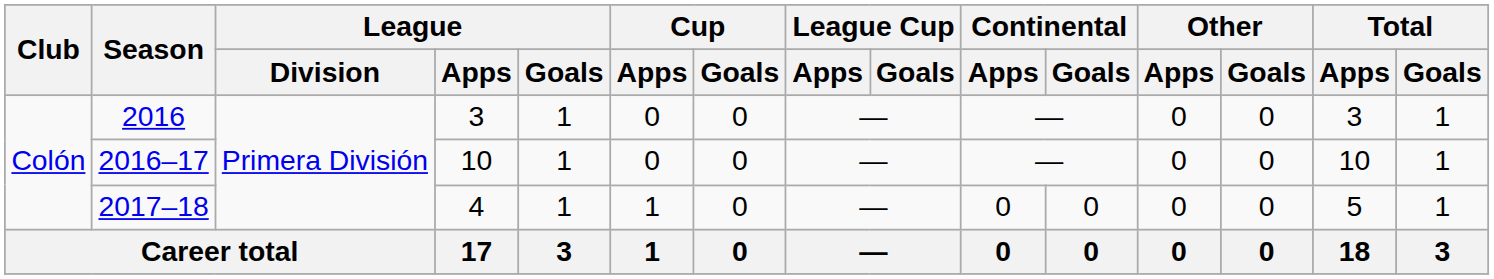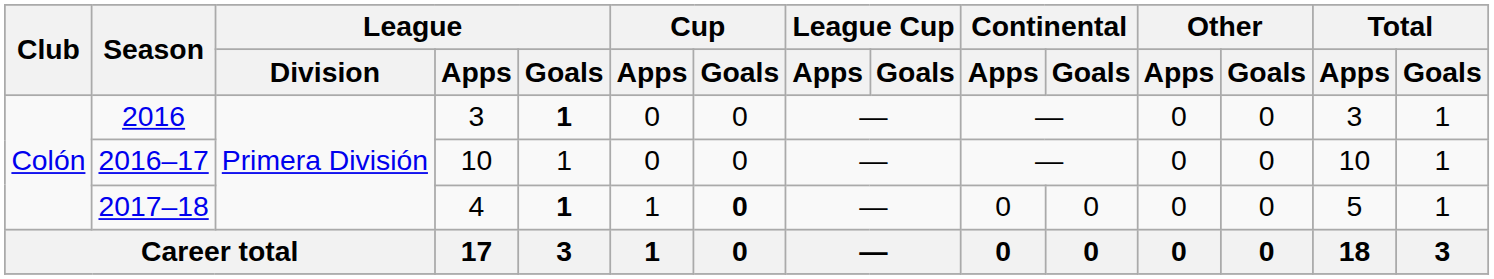 <table class="wikitable" style="text-align:center">
 <tr>
 <th rowspan="2">Club</th>
 <th rowspan="2">Season</th>
 <th colspan="3">League</th>
 <th colspan="2">Cup</th>
 <th colspan="2">League Cup</th>
 <th colspan="2">Continental</th>
 <th colspan="2">Other</th>
 <th colspan="2">Total</th>
 </tr>
 <tr>
 <th>Division</th>
 <th>Apps</th>
 <th>Goals</th>
 <th>Apps</th>
 <th>Goals</th>
 <th>Apps</th>
 <th>Goals</th>
 <th>Apps</th>
 <th>Goals</th>
 <th>Apps</th>
 <th>Goals</th>
 <th>Apps</th>
 <th>Goals</th>
 </tr>
 <tr>
 <td rowspan="3"><a href='#'>Colón</a></td>
 <td><a href='#'>2016</a></td>
 <td rowspan="3"><a href='#'>Primera División</a></td>
 <td>3</td>
-<td>1</td>
+<td><strong>1</strong></td>
 <td>0</td>
 <td>0</td>
 <td colspan="2">—</td>
 <td colspan="2">—</td>
 <td>0</td>
 <td>0</td>
 <td>3</td>
 <td>1</td>
 </tr>
 <tr>
 <td><a href='#'>2016–17</a></td>
 <td>10</td>
 <td>1</td>
 <td>0</td>
 <td>0</td>
 <td colspan="2">—</td>
 <td colspan="2">—</td>
 <td>0</td>
 <td>0</td>
 <td>10</td>
 <td>1</td>
 </tr>
 <tr>
 <td><a href='#'>2017–18</a></td>
 <td>4</td>
+<td><strong>1</strong></td>
 <td>1</td>
-<td>1</td>
-<td>0</td>
+<td><strong>0</strong></td>
 <td colspan="2">—</td>
 <td>0</td>
 <td>0</td>
 <td>0</td>
 <td>0</td>
 <td>5</td>
 <td>1</td>
 </tr>
 <tr>
 <th colspan="3">Career total</th>
 <th>17</th>
 <th>3</th>
 <th>1</th>
 <th>0</th>
 <th colspan="2">—</th>
 <th>0</th>
 <th>0</th>
 <th>0</th>
 <th>0</th>
 <th>18</th>
 <th>3</th>
 </tr>
 </table>
